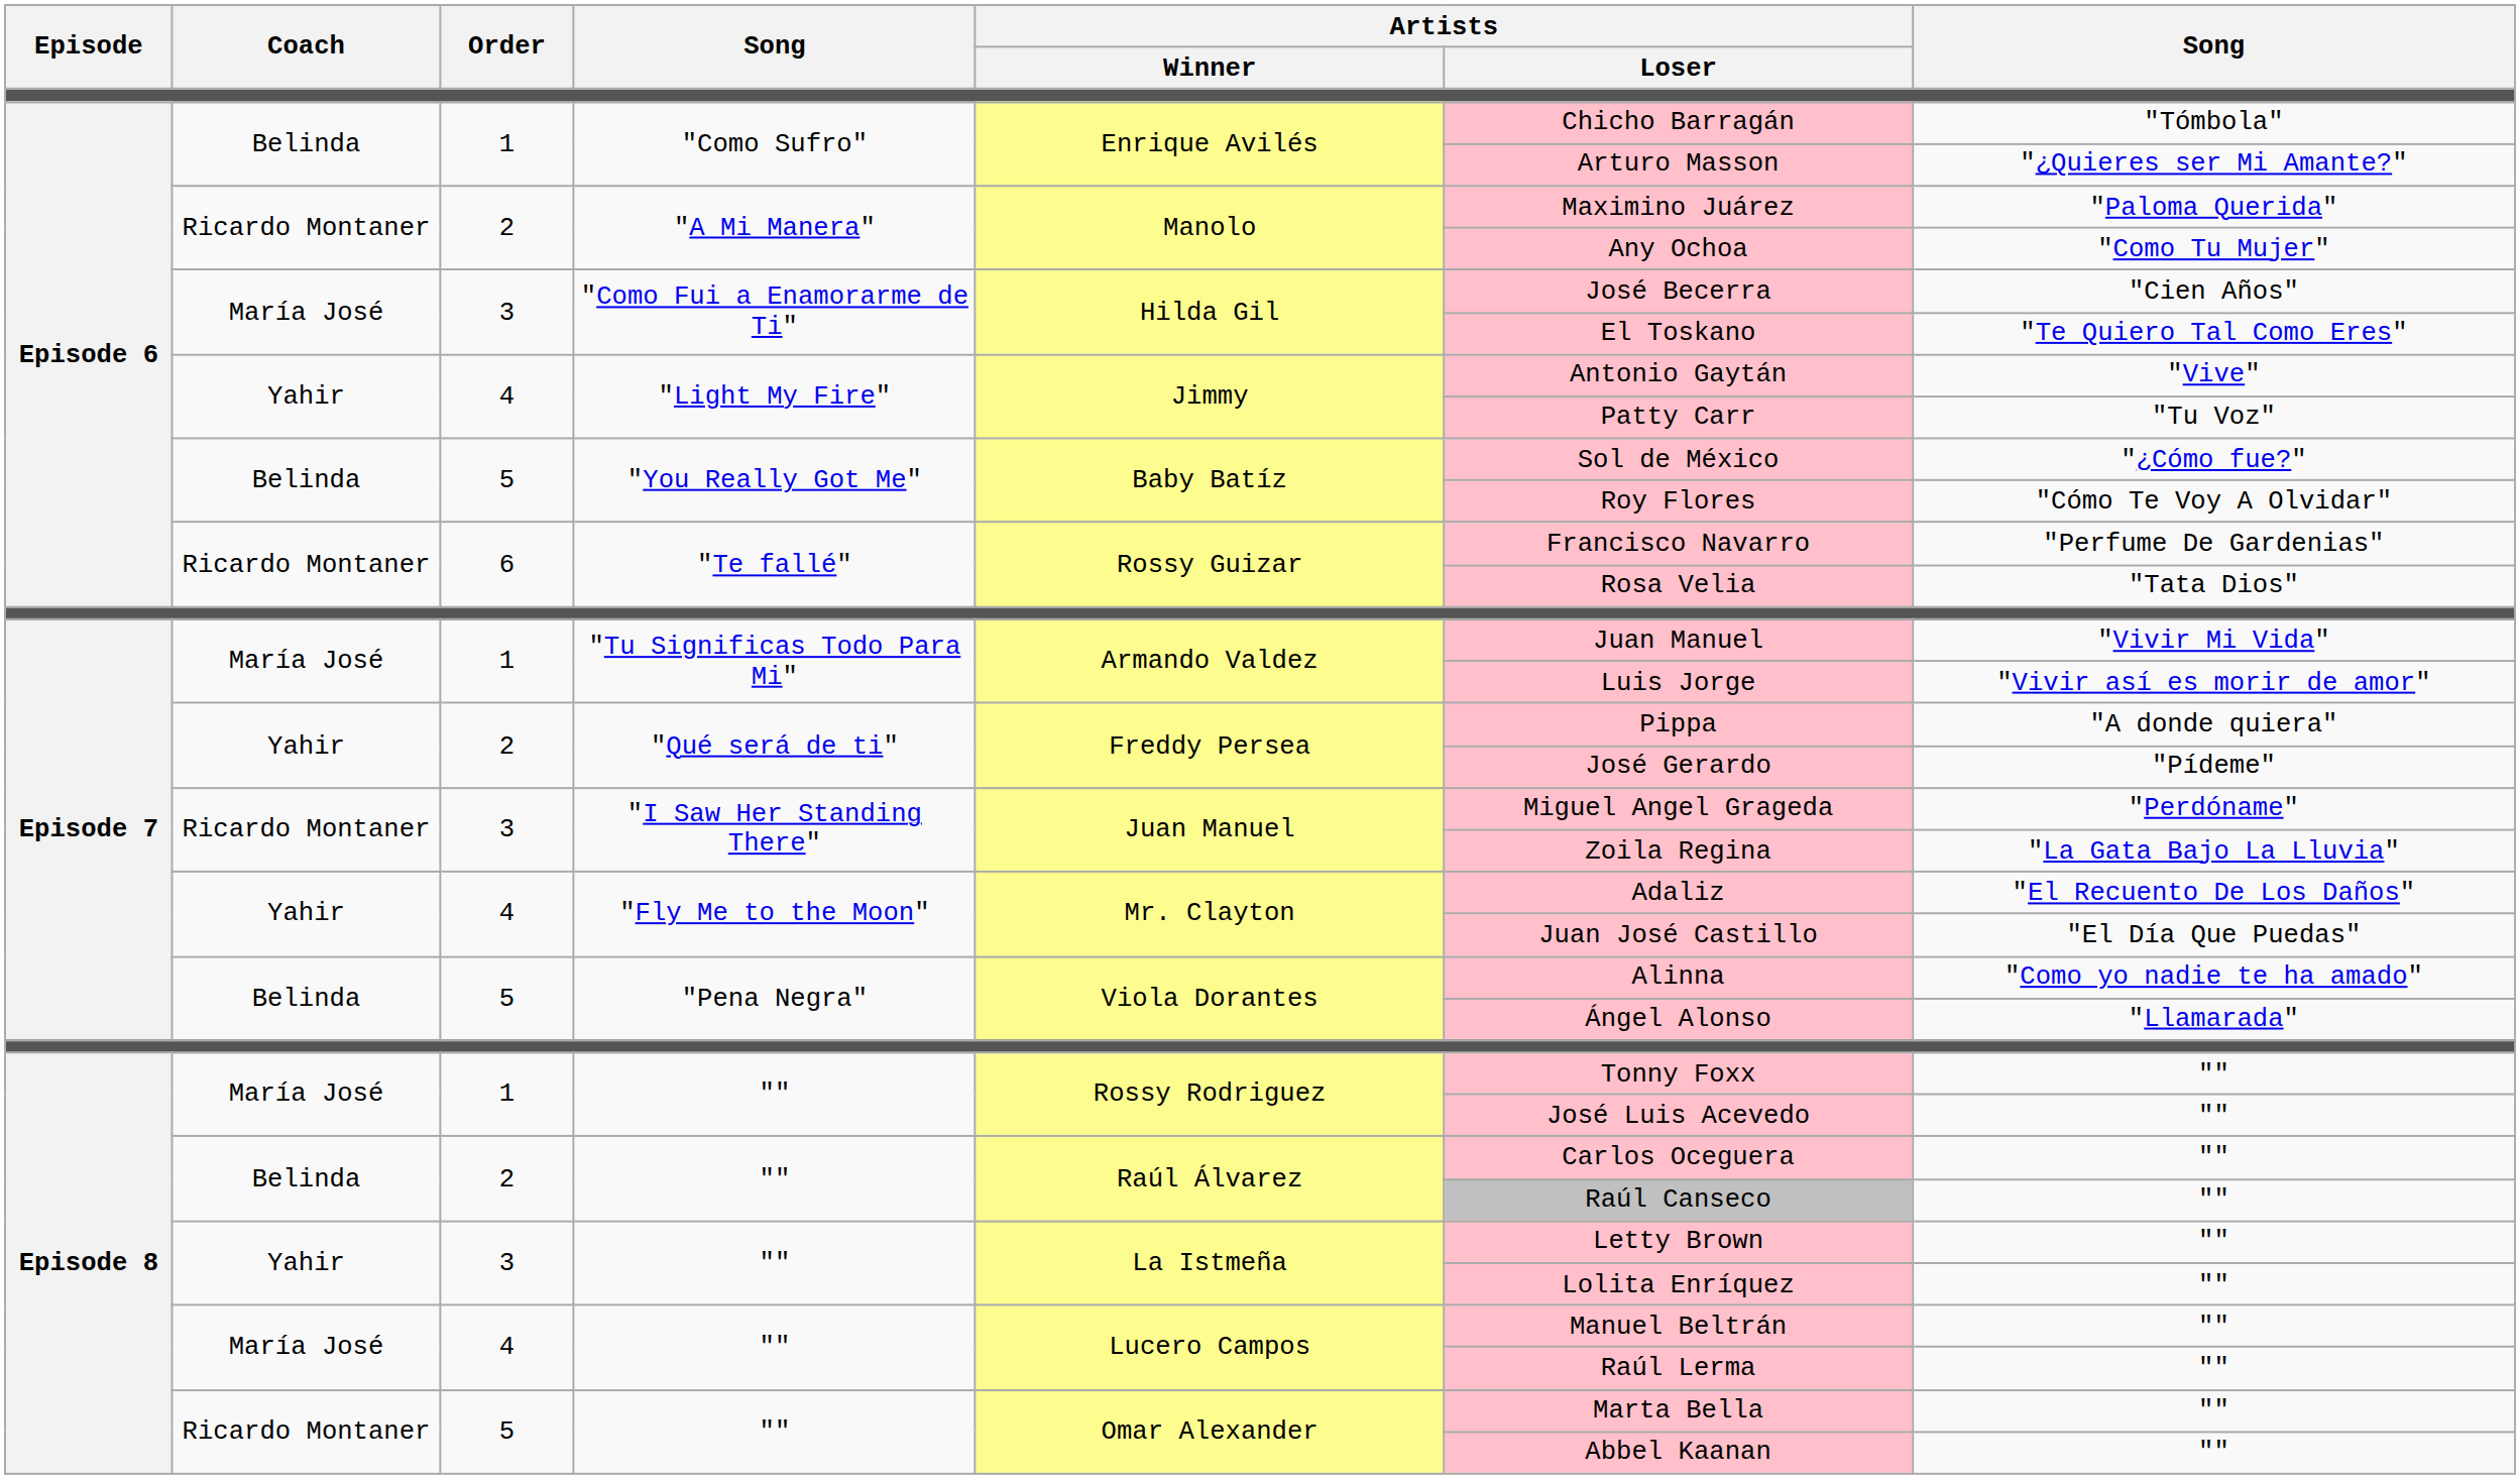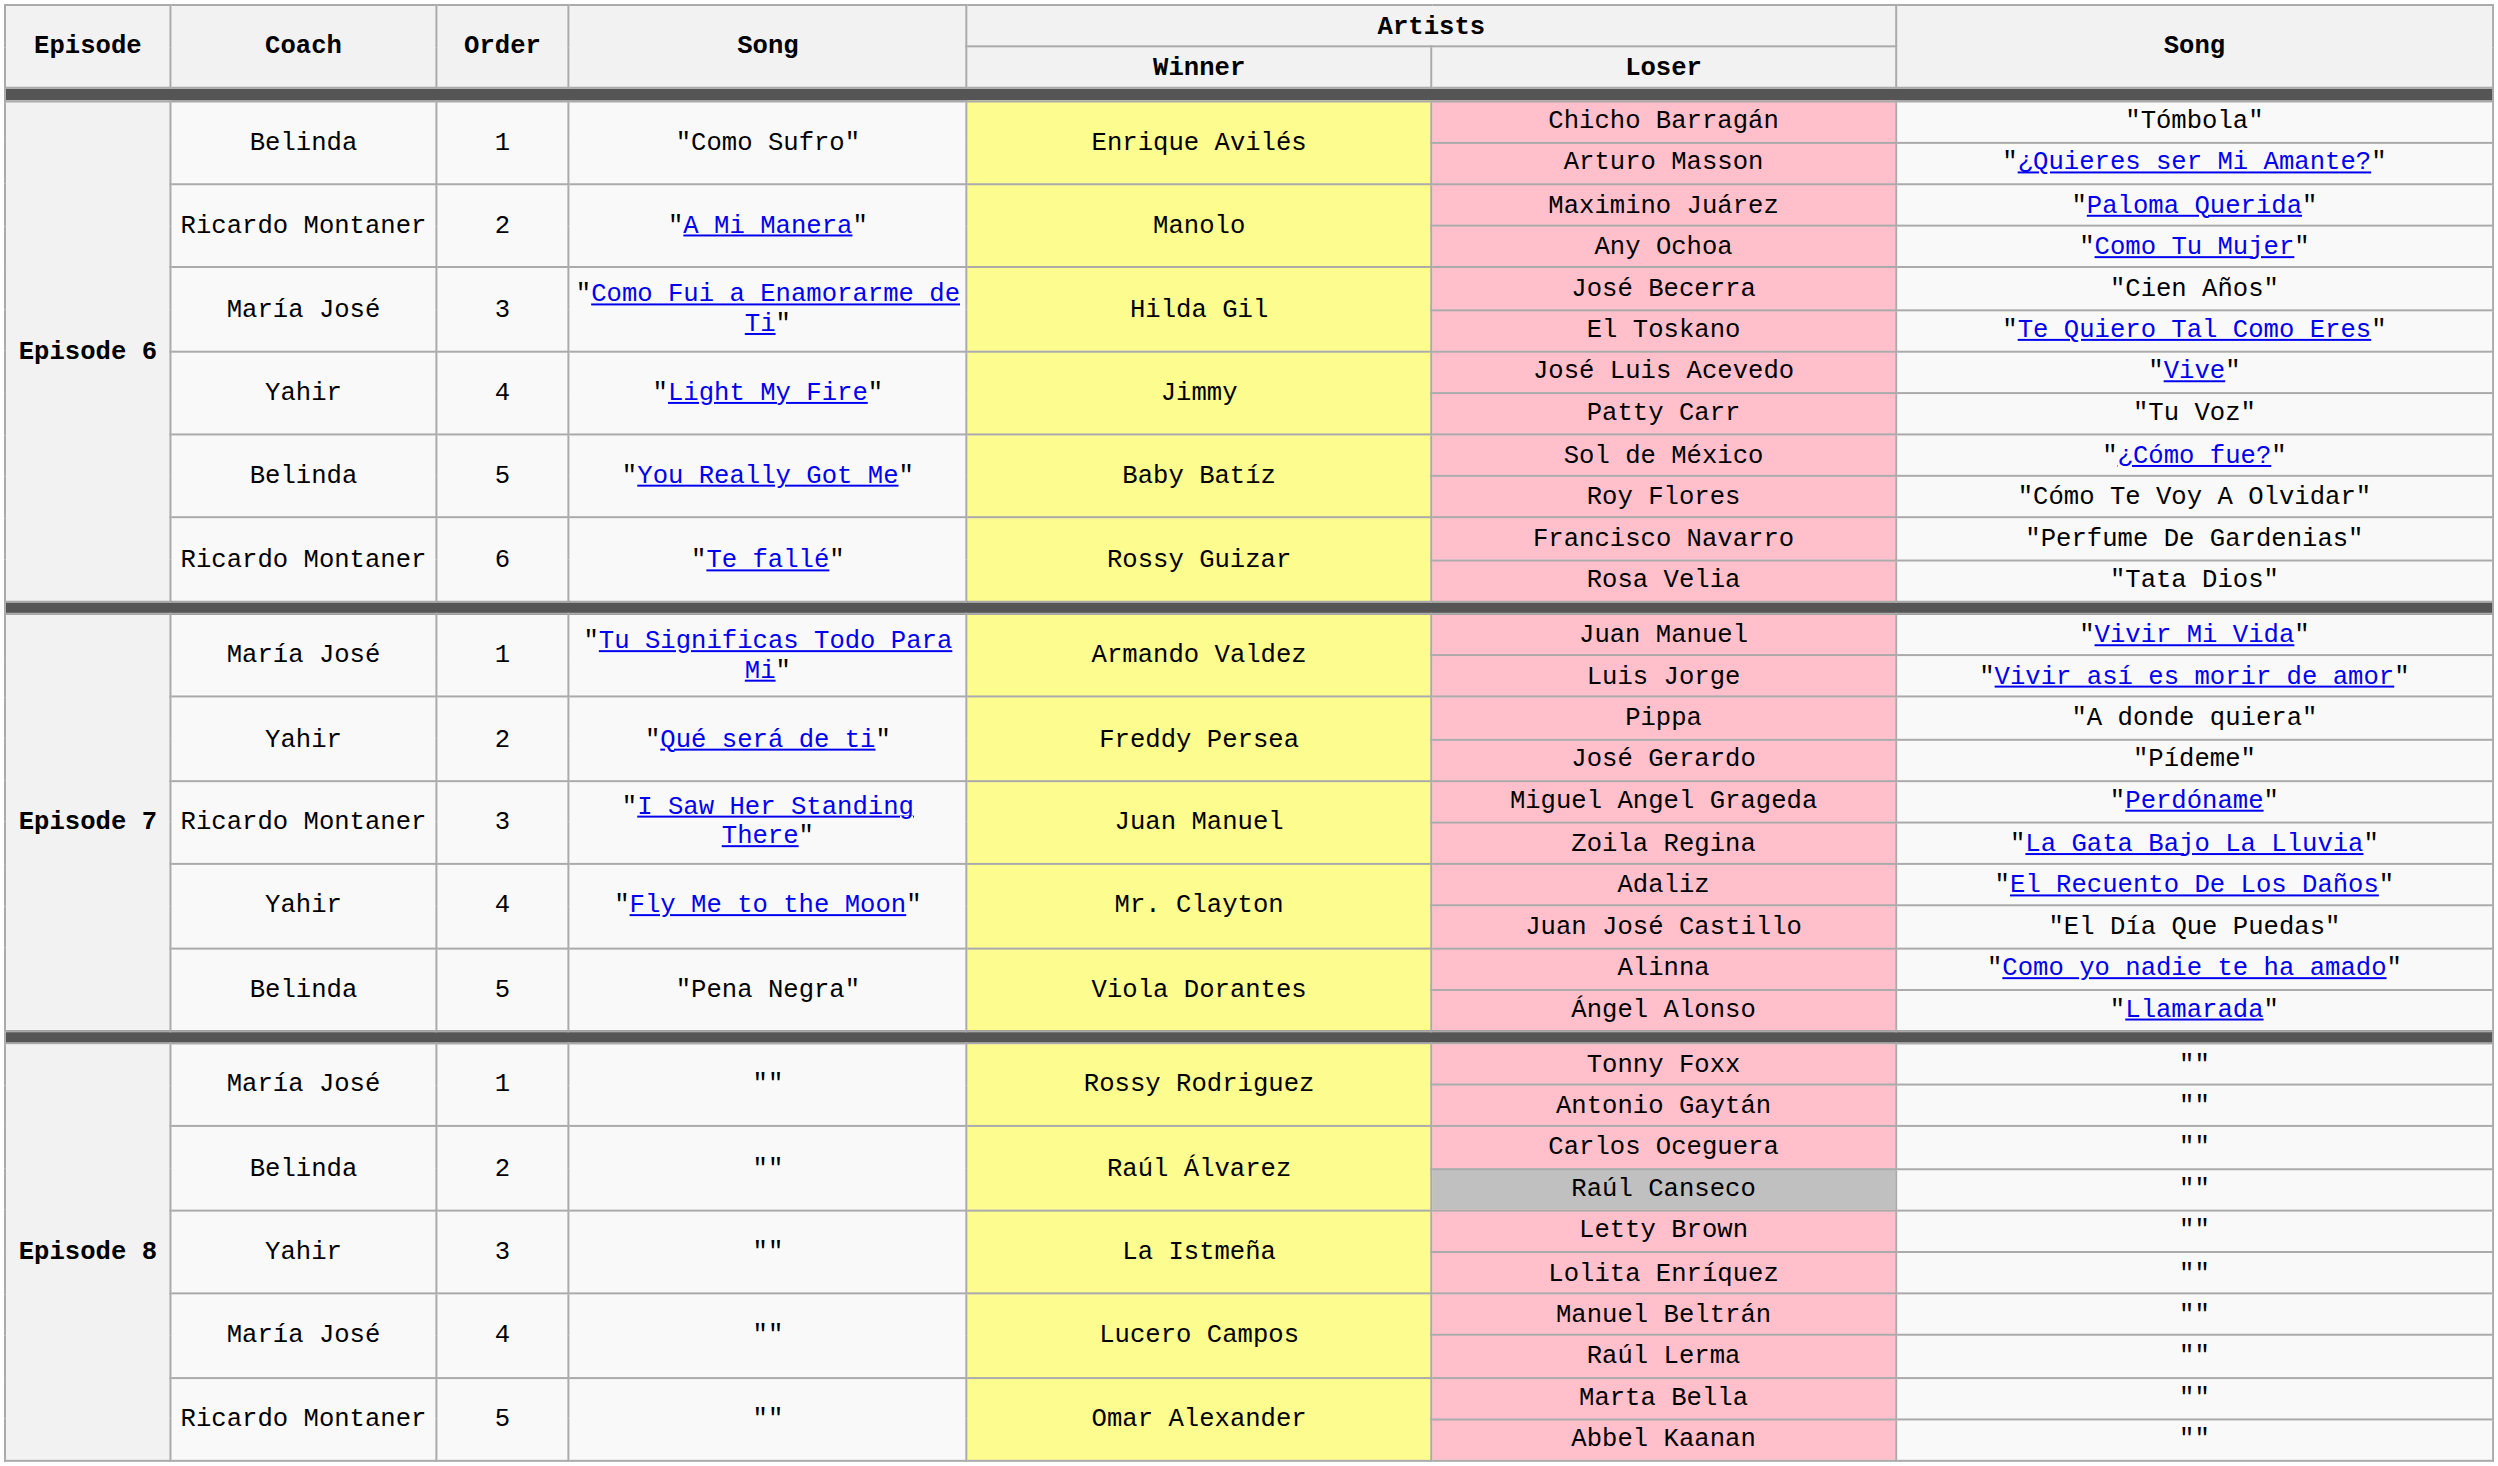 <table class="wikitable" style="text-align: center; width:100%">
 <tr>
 <th rowspan="2" style="width:05%">Episode</th>
 <th rowspan="2" style="width:08%">Coach</th>
 <th rowspan="2" style="width:04%">Order</th>
 <th rowspan="2" style="width:12%">Song</th>
 <th colspan="2" style="width:30%">Artists</th>
 <th rowspan="2" style="width:18%">Song</th>
 </tr>
 <tr>
 <th style="width:14%">Winner</th>
 <th style="width:14%">Loser</th>
 </tr>
 <tr>
 <td colspan="7" style="background:#555"></td>
 </tr>
 <tr>
 <th rowspan="12">Episode 6<br></th>
 <td rowspan="2">Belinda</td>
 <td rowspan="2">1</td>
 <td rowspan="2">"Como Sufro"</td>
 <td rowspan="2" style="background:#fdfc8f">Enrique Avilés</td>
 <td style="background:pink">Chicho Barragán</td>
 <td>"Tómbola"</td>
 </tr>
 <tr>
 <td style="background:pink">Arturo Masson</td>
 <td>"<a href='#'>¿Quieres ser Mi Amante?</a>"</td>
 </tr>
 <tr>
 <td rowspan="2">Ricardo Montaner</td>
 <td rowspan="2">2</td>
 <td rowspan="2">"<a href='#'>A Mi Manera</a>"</td>
 <td rowspan="2" style="background:#fdfc8f">Manolo</td>
 <td style="background:pink">Maximino Juárez</td>
 <td>"<a href='#'>Paloma Querida</a>"</td>
 </tr>
 <tr>
 <td style="background:pink">Any Ochoa</td>
 <td>"<a href='#'>Como Tu Mujer</a>"</td>
 </tr>
 <tr>
 <td rowspan="2">María José</td>
 <td rowspan="2">3</td>
 <td rowspan="2">"<a href='#'>Como Fui a Enamorarme de Ti</a>"</td>
 <td rowspan="2" style="background:#fdfc8f">Hilda Gil</td>
 <td style="background:pink">José Becerra</td>
 <td>"Cien Años"</td>
 </tr>
 <tr>
 <td style="background:pink">El Toskano</td>
 <td>"<a href='#'>Te Quiero Tal Como Eres</a>"</td>
 </tr>
 <tr>
 <td rowspan="2">Yahir</td>
 <td rowspan="2">4</td>
 <td rowspan="2">"<a href='#'>Light My Fire</a>"</td>
 <td rowspan="2" style="background:#fdfc8f">Jimmy</td>
-<td style="background:pink">Antonio Gaytán</td>
+<td style="background:pink">José Luis Acevedo</td>
 <td>"<a href='#'>Vive</a>"</td>
 </tr>
 <tr>
 <td style="background:pink">Patty Carr</td>
 <td>"Tu Voz"</td>
 </tr>
 <tr>
 <td rowspan="2">Belinda</td>
 <td rowspan="2">5</td>
 <td rowspan="2">"<a href='#'>You Really Got Me</a>"</td>
 <td rowspan="2" style="background:#fdfc8f">Baby Batíz</td>
 <td style="background:pink">Sol de México</td>
 <td>"<a href='#'>¿Cómo fue?</a>"</td>
 </tr>
 <tr>
 <td style="background:pink">Roy Flores</td>
 <td>"Cómo Te Voy A Olvidar"</td>
 </tr>
 <tr>
 <td rowspan="2">Ricardo Montaner</td>
 <td rowspan="2">6</td>
 <td rowspan="2">"<a href='#'>Te fallé</a>"</td>
 <td rowspan="2" style="background:#fdfc8f">Rossy Guizar</td>
 <td style="background:pink">Francisco Navarro</td>
 <td>"Perfume De Gardenias"</td>
 </tr>
 <tr>
 <td style="background:pink">Rosa Velia</td>
 <td>"Tata Dios"</td>
 </tr>
 <tr>
 <td colspan="7" style="background:#555"></td>
 </tr>
 <tr>
 <th rowspan="10">Episode 7<br></th>
 <td rowspan="2">María José</td>
 <td rowspan="2">1</td>
 <td rowspan="2">"<a href='#'>Tu Significas Todo Para Mi</a>"</td>
 <td rowspan="2" style="background:#fdfc8f">Armando Valdez</td>
 <td style="background:pink">Juan Manuel</td>
 <td>"<a href='#'>Vivir Mi Vida</a>"</td>
 </tr>
 <tr>
 <td style="background:pink">Luis Jorge</td>
 <td>"<a href='#'>Vivir así es morir de amor</a>"</td>
 </tr>
 <tr>
 <td rowspan="2">Yahir</td>
 <td rowspan="2">2</td>
 <td rowspan="2">"<a href='#'>Qué será de ti</a>"</td>
 <td rowspan="2" style="background:#fdfc8f">Freddy Persea</td>
 <td style="background:pink">Pippa</td>
 <td>"A donde quiera"</td>
 </tr>
 <tr>
 <td style="background:pink">José Gerardo</td>
 <td>"Pídeme"</td>
 </tr>
 <tr>
 <td rowspan="2">Ricardo Montaner</td>
 <td rowspan="2">3</td>
 <td rowspan="2">"<a href='#'>I Saw Her Standing There</a>"</td>
 <td rowspan="2" style="background:#fdfc8f">Juan Manuel</td>
 <td style="background:pink">Miguel Angel Grageda</td>
 <td>"<a href='#'>Perdóname</a>"</td>
 </tr>
 <tr>
 <td style="background:pink">Zoila Regina</td>
 <td>"<a href='#'>La Gata Bajo La Lluvia</a>"</td>
 </tr>
 <tr>
 <td rowspan="2">Yahir</td>
 <td rowspan="2">4</td>
 <td rowspan="2">"<a href='#'>Fly Me to the Moon</a>"</td>
 <td rowspan="2" style="background:#fdfc8f">Mr. Clayton</td>
 <td style="background:pink">Adaliz</td>
 <td>"<a href='#'>El Recuento De Los Daños</a>"</td>
 </tr>
 <tr>
 <td style="background:pink">Juan José Castillo</td>
 <td>"El Día Que Puedas"</td>
 </tr>
 <tr>
 <td rowspan="2">Belinda</td>
 <td rowspan="2">5</td>
 <td rowspan="2">"Pena Negra"</td>
 <td rowspan="2" style="background:#fdfc8f">Viola Dorantes</td>
 <td style="background:pink">Alinna</td>
 <td>"<a href='#'>Como yo nadie te ha amado</a>"</td>
 </tr>
 <tr>
 <td style="background:pink">Ángel Alonso</td>
 <td>"<a href='#'>Llamarada</a>"</td>
 </tr>
 <tr>
 <td colspan="7" style="background:#555"></td>
 </tr>
 <tr>
 <th rowspan="10">Episode 8 <br></th>
 <td rowspan="2">María José</td>
 <td rowspan="2">1</td>
 <td rowspan="2">""</td>
 <td rowspan="2" style="background:#fdfc8f">Rossy Rodriguez</td>
 <td style="background:pink">Tonny Foxx</td>
 <td>""</td>
 </tr>
 <tr>
-<td style="background:pink">José Luis Acevedo</td>
+<td style="background:pink">Antonio Gaytán</td>
 <td>""</td>
 </tr>
 <tr>
 <td rowspan="2">Belinda</td>
 <td rowspan="2">2</td>
 <td rowspan="2">""</td>
 <td rowspan="2" style="background:#fdfc8f">Raúl Álvarez</td>
 <td style="background:pink">Carlos Oceguera</td>
 <td>""</td>
 </tr>
 <tr>
 <td style="background:silver">Raúl Canseco</td>
 <td>""</td>
 </tr>
 <tr>
 <td rowspan="2">Yahir</td>
 <td rowspan="2">3</td>
 <td rowspan="2">""</td>
 <td rowspan="2" style="background:#fdfc8f">La Istmeña</td>
 <td style="background:pink">Letty Brown</td>
 <td>""</td>
 </tr>
 <tr>
 <td style="background:pink">Lolita Enríquez</td>
 <td>""</td>
 </tr>
 <tr>
 <td rowspan="2">María José</td>
 <td rowspan="2">4</td>
 <td rowspan="2">""</td>
 <td rowspan="2" style="background:#fdfc8f">Lucero Campos</td>
 <td style="background:pink">Manuel Beltrán</td>
 <td>""</td>
 </tr>
 <tr>
 <td style="background:pink">Raúl Lerma</td>
 <td>""</td>
 </tr>
 <tr>
 <td rowspan="2">Ricardo Montaner</td>
 <td rowspan="2">5</td>
 <td rowspan="2">""</td>
 <td rowspan="2" style="background:#fdfc8f">Omar Alexander</td>
 <td style="background:pink">Marta Bella</td>
 <td>""</td>
 </tr>
 <tr>
 <td style="background:pink">Abbel Kaanan</td>
 <td>""</td>
 </tr>
 </table>
